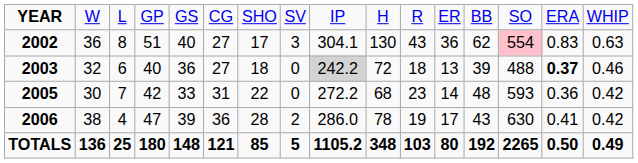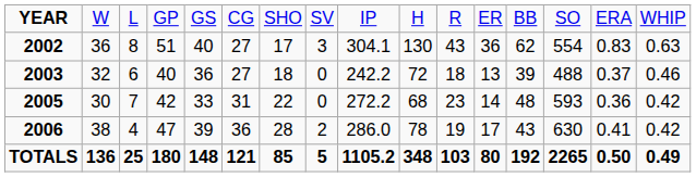 <table class="wikitable">
 <tr align=center>
 <td><strong>YEAR</strong></td>
 <td><a href='#'>W</a></td>
 <td><a href='#'>L</a></td>
 <td><a href='#'>GP</a></td>
 <td><a href='#'>GS</a></td>
 <td><a href='#'>CG</a></td>
 <td><a href='#'>SHO</a></td>
 <td><a href='#'>SV</a></td>
 <td><a href='#'>IP</a></td>
 <td><a href='#'>H</a></td>
 <td><a href='#'>R</a></td>
 <td><a href='#'>ER</a></td>
 <td><a href='#'>BB</a></td>
 <td><a href='#'>SO</a></td>
 <td><a href='#'>ERA</a></td>
 <td><a href='#'>WHIP</a></td>
 </tr>
 <tr align=center>
 <td><strong>2002</strong></td>
 <td>36</td>
 <td>8</td>
 <td>51</td>
 <td>40</td>
 <td>27</td>
 <td>17</td>
 <td>3</td>
 <td>304.1</td>
 <td>130</td>
 <td>43</td>
 <td>36</td>
 <td>62</td>
-<td style="background: pink;">554</td>
+<td>554</td>
 <td>0.83</td>
 <td>0.63</td>
 </tr>
 <tr align=center>
 <td><strong>2003</strong></td>
 <td>32</td>
 <td>6</td>
 <td>40</td>
 <td>36</td>
 <td>27</td>
 <td>18</td>
 <td>0</td>
-<td style="background: lightgrey;">242.2</td>
+<td>242.2</td>
 <td>72</td>
 <td>18</td>
 <td>13</td>
 <td>39</td>
 <td>488</td>
-<td><strong>0.37</strong></td>
+<td>0.37</td>
 <td>0.46</td>
 </tr>
 <tr align=center>
 <td><strong>2005</strong></td>
 <td>30</td>
 <td>7</td>
 <td>42</td>
 <td>33</td>
 <td>31</td>
 <td>22</td>
 <td>0</td>
 <td>272.2</td>
 <td>68</td>
 <td>23</td>
 <td>14</td>
 <td>48</td>
 <td>593</td>
 <td>0.36</td>
 <td>0.42</td>
 </tr>
 <tr align=center>
 <td><strong>2006</strong></td>
 <td>38</td>
 <td>4</td>
 <td>47</td>
 <td>39</td>
 <td>36</td>
 <td>28</td>
 <td>2</td>
 <td>286.0</td>
 <td>78</td>
 <td>19</td>
 <td>17</td>
 <td>43</td>
 <td>630</td>
 <td>0.41</td>
 <td>0.42</td>
 </tr>
 <tr align=center>
 <td><strong>TOTALS</strong></td>
 <td><strong>136</strong></td>
 <td><strong>25</strong></td>
 <td><strong>180</strong></td>
 <td><strong>148</strong></td>
 <td><strong>121</strong></td>
 <td><strong>85</strong></td>
 <td><strong>5</strong></td>
 <td><strong>1105.2</strong></td>
 <td><strong>348</strong></td>
 <td><strong>103</strong></td>
 <td><strong>80</strong></td>
 <td><strong>192</strong></td>
 <td><strong>2265</strong></td>
 <td><strong>0.50</strong></td>
 <td><strong>0.49</strong></td>
 </tr>
 </table>
